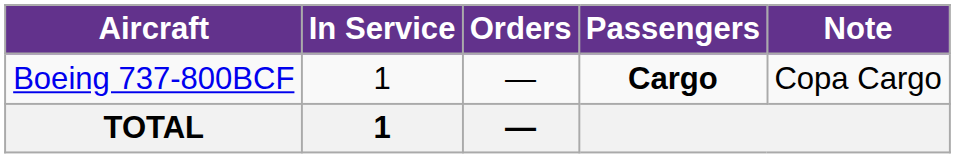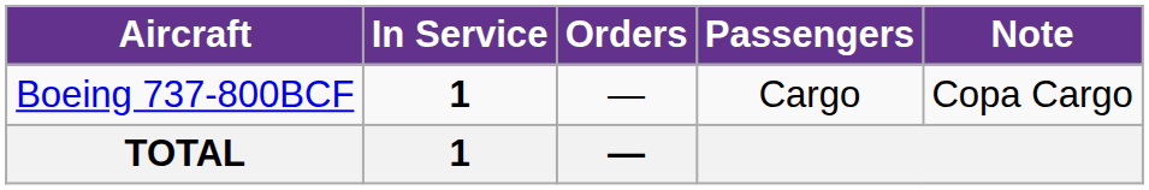 <table Class="wikitable" style= "text-align:center; margin: 1em auto;">
 <tr>
 <th style="background:#62328c; color:white;">Aircraft</th>
 <th style="background:#62328c; color:white;">In Service</th>
 <th style="background:#62328c; color:white;">Orders</th>
 <th style="background:#62328c; color:white;">Passengers</th>
 <th style="background:#62328c; color:white;">Note</th>
 </tr>
 <tr>
 <td rowspan="1"><a href='#'>Boeing 737-800BCF</a></td>
-<td rowspan="1">1</td>
+<td rowspan="1"><strong>1</strong></td>
 <td rowspan="1">—</td>
-<td rowspan="1"><strong><abbr>Cargo</abbr></strong></td>
+<td rowspan="1"><abbr>Cargo</abbr></td>
 <td> Copa Cargo</td>
 </tr>
 <tr>
 <th>TOTAL</th>
 <th>1</th>
 <th>—</th>
 <th colspan="3"></th>
 </tr>
 </table>
